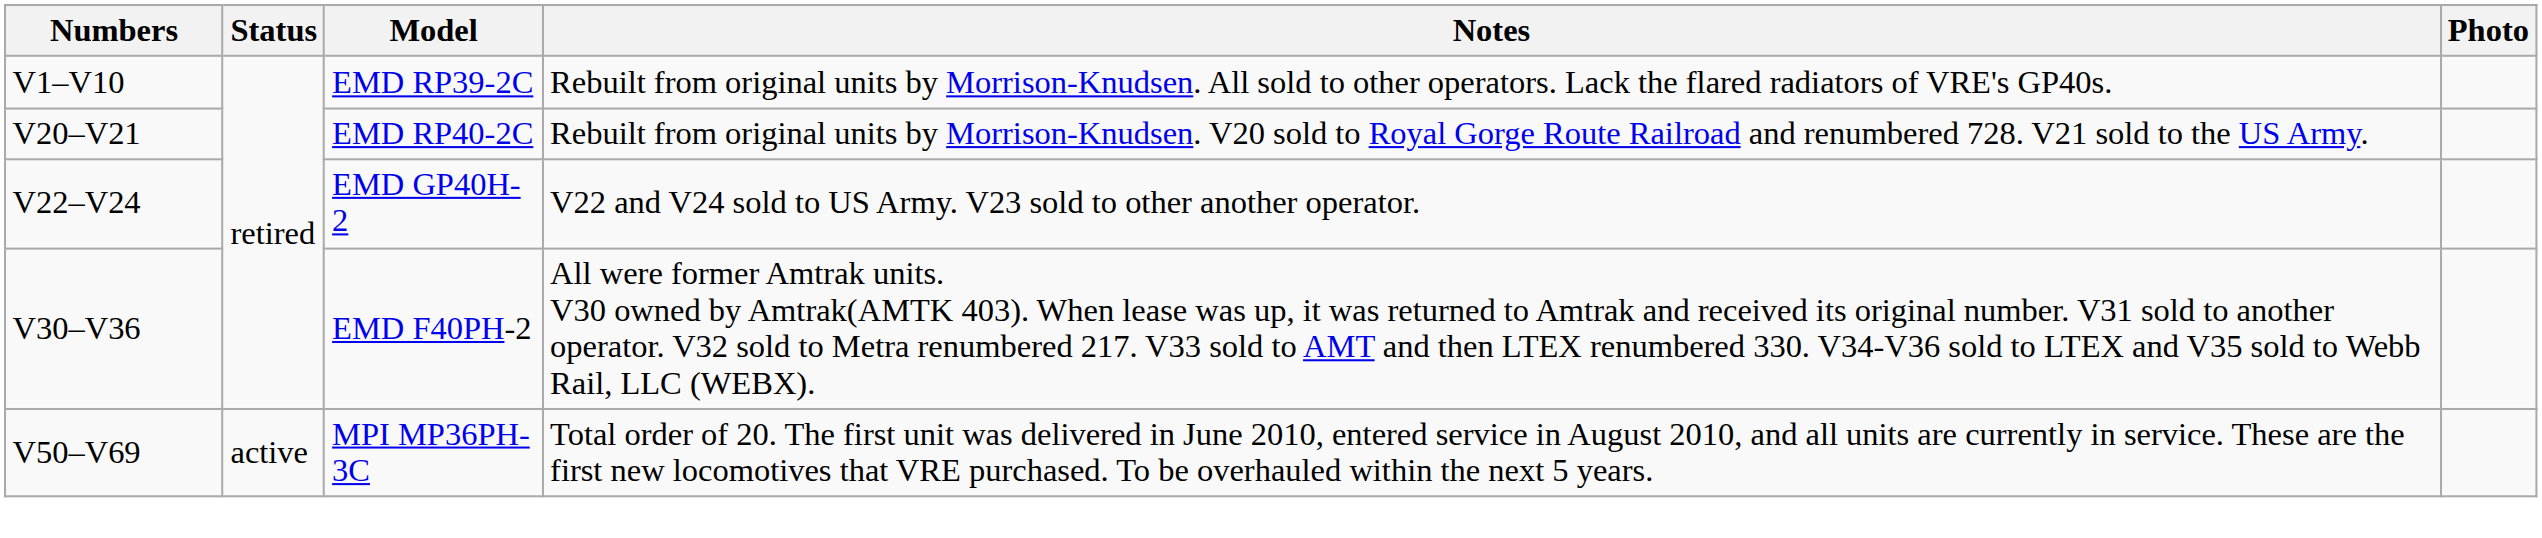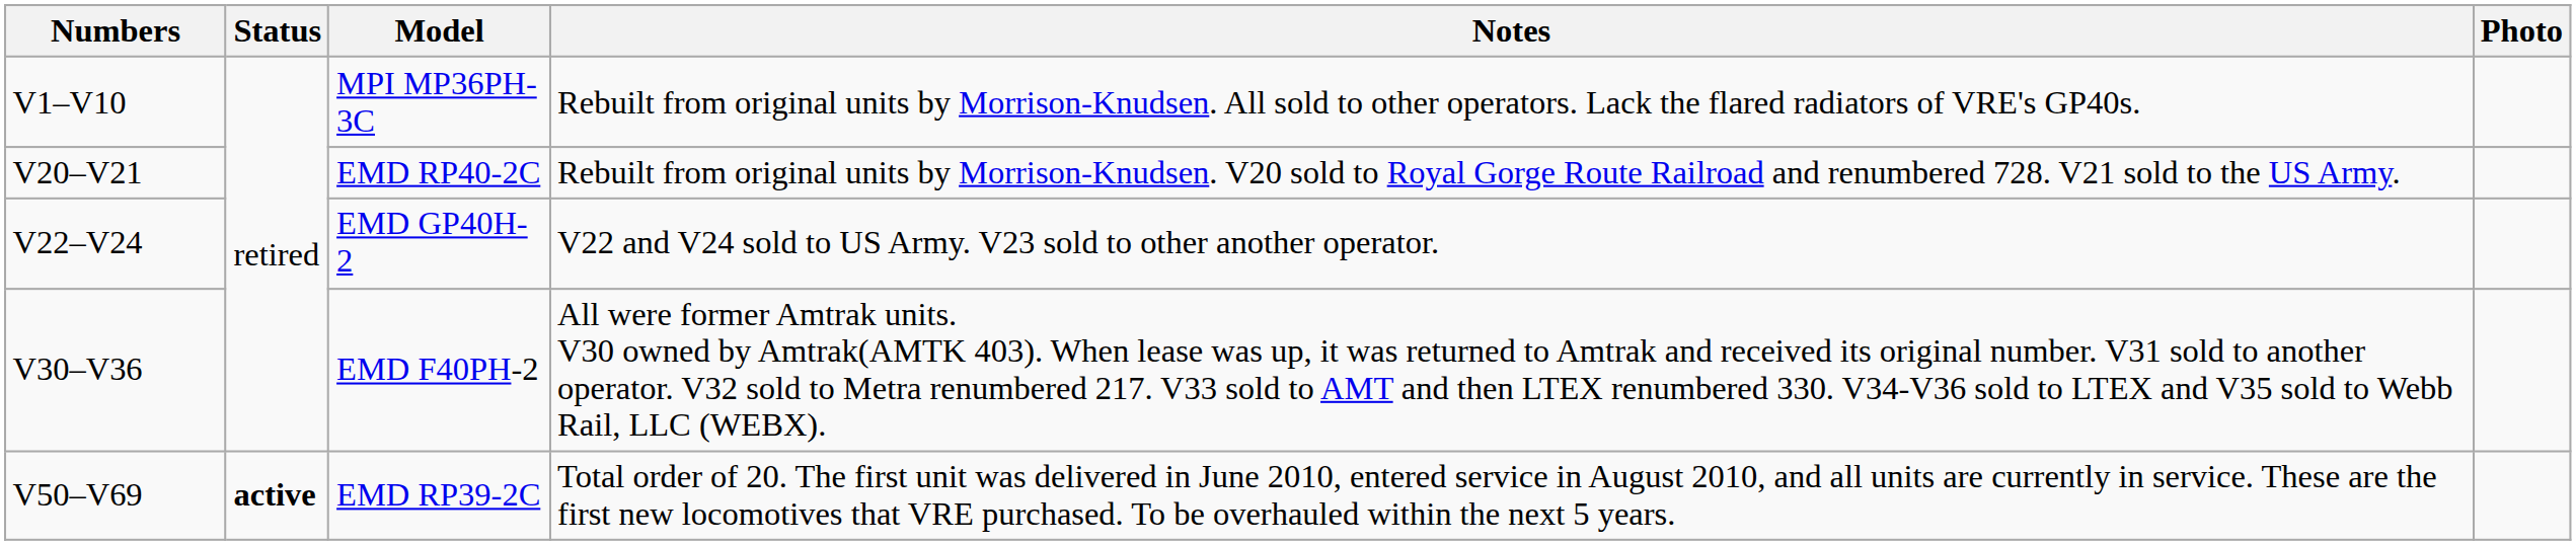 <table class="wikitable" border="1">
 <tr>
 <th width="100">Numbers</th>
 <th>Status</th>
 <th width="100">Model</th>
 <th>Notes</th>
 <th>Photo</th>
 </tr>
 <tr>
 <td>V1–V10</td>
 <td rowspan="4">retired</td>
-<td><a href='#'>EMD RP39-2C</a></td>
+<td><a href='#'>MPI MP36PH-3C</a></td>
 <td>Rebuilt from original units by <a href='#'>Morrison-Knudsen</a>. All sold to other operators. Lack the flared radiators of VRE's GP40s.</td>
 <td></td>
 </tr>
 <tr>
 <td>V20–V21</td>
 <td><a href='#'>EMD RP40-2C</a></td>
 <td>Rebuilt from original units by <a href='#'>Morrison-Knudsen</a>. V20 sold to <a href='#'>Royal Gorge Route Railroad</a> and renumbered 728. V21 sold to the <a href='#'>US Army</a>.</td>
 <td align=center></td>
 </tr>
 <tr>
 <td>V22–V24</td>
 <td><a href='#'>EMD GP40H-2</a></td>
 <td>V22 and V24 sold to US Army. V23 sold to other another operator.</td>
 <td></td>
 </tr>
 <tr>
 <td>V30–V36</td>
 <td><a href='#'>EMD F40PH</a>-2</td>
 <td>All were former Amtrak units.<br>V30 owned by Amtrak(AMTK 403). When lease was up, it was returned to Amtrak and received its original number. V31 sold to another operator. V32 sold to Metra renumbered 217. V33 sold to <a href='#'>AMT</a> and then LTEX renumbered 330. V34-V36 sold to LTEX and V35 sold to Webb Rail, LLC (WEBX).</td>
 <td></td>
 </tr>
 <tr>
 <td>V50–V69</td>
-<td>active</td>
-<td><a href='#'>MPI MP36PH-3C</a></td>
+<td><strong>active</strong></td>
+<td><a href='#'>EMD RP39-2C</a></td>
 <td>Total order of 20. The first unit was delivered in June 2010, entered service in August 2010, and all units are currently in service. These are the first new locomotives that VRE purchased. To be overhauled within the next 5 years.</td>
 <td></td>
 </tr>
 </table>
